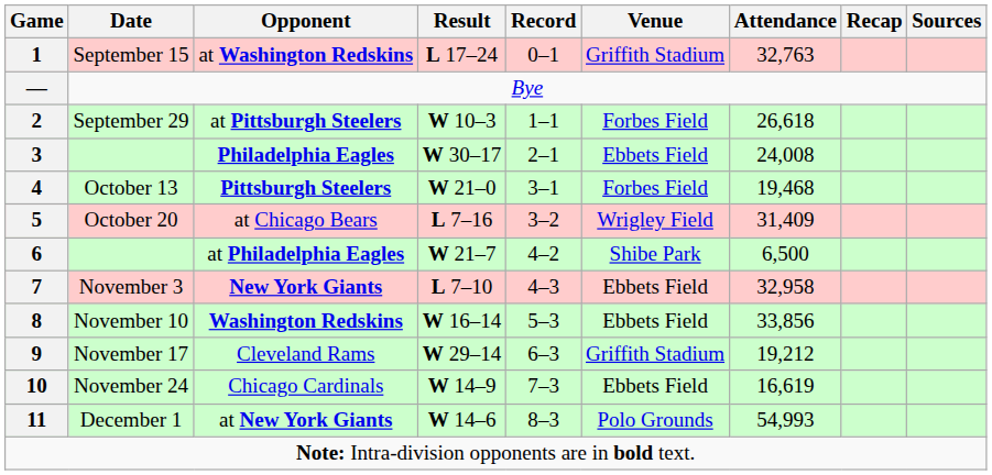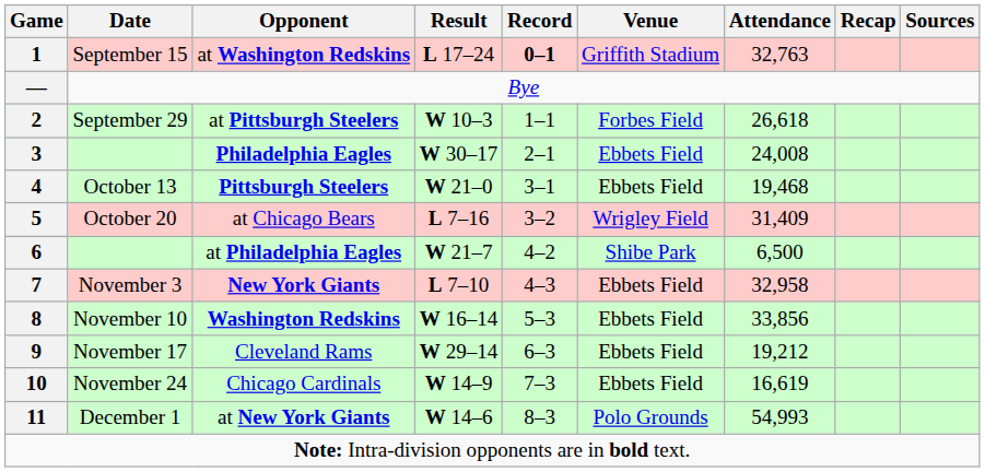 <table class="wikitable" style="text-align:center">
 <tr>
 <th>Game</th>
 <th>Date</th>
 <th>Opponent</th>
 <th>Result</th>
 <th>Record</th>
 <th>Venue</th>
 <th>Attendance</th>
 <th>Recap</th>
 <th>Sources</th>
 </tr>
 <tr style="background:#fcc">
 <th>1</th>
 <td>September 15</td>
 <td>at <strong><a href='#'>Washington Redskins</a></strong></td>
 <td><strong>L</strong> 17–24</td>
-<td>0–1</td>
+<td><strong>0–1</strong></td>
 <td><a href='#'>Griffith Stadium</a></td>
 <td>32,763</td>
 <td></td>
 <td></td>
 </tr>
 <tr>
 <th>—</th>
 <td colspan="9"><em><a href='#'>Bye</a></em></td>
 </tr>
 <tr style="background:#cfc">
 <th>2</th>
 <td>September 29</td>
 <td>at <strong><a href='#'>Pittsburgh Steelers</a></strong></td>
 <td><strong>W</strong> 10–3</td>
 <td>1–1</td>
 <td><a href='#'>Forbes Field</a></td>
 <td>26,618</td>
 <td></td>
 <td></td>
 </tr>
 <tr style="background:#cfc">
 <th>3</th>
 <td></td>
 <td><strong><a href='#'>Philadelphia Eagles</a></strong></td>
 <td><strong>W</strong> 30–17</td>
 <td>2–1</td>
 <td><a href='#'>Ebbets Field</a></td>
 <td>24,008</td>
 <td></td>
 <td></td>
 </tr>
 <tr style="background:#cfc">
 <th>4</th>
 <td>October 13</td>
 <td><strong><a href='#'>Pittsburgh Steelers</a></strong></td>
 <td><strong>W</strong> 21–0</td>
 <td>3–1</td>
-<td><a href='#'>Forbes Field</a></td>
+<td>Ebbets Field</td>
 <td>19,468</td>
 <td></td>
 <td></td>
 </tr>
 <tr style="background:#fcc">
 <th>5</th>
 <td>October 20</td>
 <td>at <a href='#'>Chicago Bears</a></td>
 <td><strong>L</strong> 7–16</td>
 <td>3–2</td>
 <td><a href='#'>Wrigley Field</a></td>
 <td>31,409</td>
 <td></td>
 <td></td>
 </tr>
 <tr style="background:#cfc">
 <th>6</th>
 <td></td>
 <td>at <strong><a href='#'>Philadelphia Eagles</a></strong></td>
 <td><strong>W</strong> 21–7</td>
 <td>4–2</td>
 <td><a href='#'>Shibe Park</a></td>
 <td>6,500</td>
 <td></td>
 <td></td>
 </tr>
 <tr style="background:#fcc">
 <th>7</th>
 <td>November 3</td>
 <td><strong><a href='#'>New York Giants</a></strong></td>
 <td><strong>L</strong> 7–10</td>
 <td>4–3</td>
 <td>Ebbets Field</td>
 <td>32,958</td>
 <td></td>
 <td></td>
 </tr>
 <tr style="background:#cfc">
 <th>8</th>
 <td>November 10</td>
 <td><strong><a href='#'>Washington Redskins</a></strong></td>
 <td><strong>W</strong> 16–14</td>
 <td>5–3</td>
 <td>Ebbets Field</td>
 <td>33,856</td>
 <td></td>
 <td></td>
 </tr>
 <tr style="background:#cfc">
 <th>9</th>
 <td>November 17</td>
 <td><a href='#'>Cleveland Rams</a></td>
 <td><strong>W</strong> 29–14</td>
 <td>6–3</td>
-<td><a href='#'>Griffith Stadium</a></td>
+<td>Ebbets Field</td>
 <td>19,212</td>
 <td></td>
 <td></td>
 </tr>
 <tr style="background:#cfc">
 <th>10</th>
 <td>November 24</td>
 <td><a href='#'>Chicago Cardinals</a></td>
 <td><strong>W</strong> 14–9</td>
 <td>7–3</td>
 <td>Ebbets Field</td>
 <td>16,619</td>
 <td></td>
 <td></td>
 </tr>
 <tr style="background:#cfc">
 <th>11</th>
 <td>December 1</td>
 <td>at <strong><a href='#'>New York Giants</a></strong></td>
 <td><strong>W</strong> 14–6</td>
 <td>8–3</td>
 <td><a href='#'>Polo Grounds</a></td>
 <td>54,993</td>
 <td></td>
 <td></td>
 </tr>
 <tr>
 <td colspan="11"><strong>Note:</strong> Intra-division opponents are in <strong>bold</strong> text.</td>
 </tr>
 </table>
